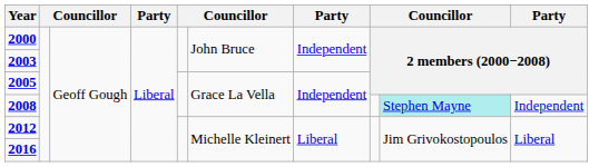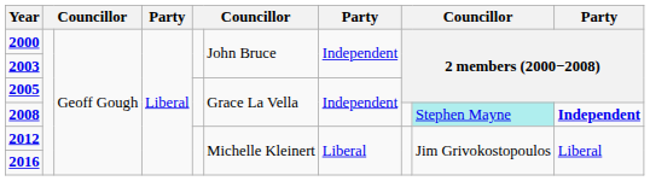 <table class="wikitable">
 <tr>
 <th>Year</th>
 <th colspan="2">Councillor</th>
 <th>Party</th>
 <th colspan="2">Councillor</th>
 <th>Party</th>
 <th colspan="2">Councillor</th>
 <th>Party</th>
 </tr>
 <tr>
 <td><strong><a href='#'>2000</a></strong></td>
 <td rowspan="10" width="1px" > </td>
 <td rowspan="10">Geoff Gough</td>
 <td rowspan="10"><a href='#'>Liberal</a></td>
 <td rowspan="2" width="1px" > </td>
 <td rowspan="2">John Bruce</td>
 <td rowspan="2"><a href='#'>Independent</a></td>
 <th colspan=3; rowspan=3>2 members (2000−2008)</th>
 </tr>
 <tr>
 <td><strong><a href='#'>2003</a></strong></td>
 </tr>
 <tr>
 <td><strong><a href='#'>2005</a></strong></td>
 <td rowspan="2" width="1px" > </td>
 <td rowspan="2">Grace La Vella</td>
 <td rowspan="2"><a href='#'>Independent</a></td>
 </tr>
 <tr>
 <td><strong><a href='#'>2008</a></strong></td>
 <td rowspan="1" width="1px" > </td>
 <td rowspan="1" style="background: paleturquoise;"><a href='#'>Stephen Mayne</a></td>
-<td rowspan="1"><a href='#'>Independent</a></td>
+<td rowspan="1"><strong><a href='#'>Independent</a></strong></td>
 </tr>
 <tr>
 <td><strong><a href='#'>2012</a></strong></td>
 <td rowspan="2" width="1px" > </td>
 <td rowspan="2">Michelle Kleinert</td>
 <td rowspan="2"><a href='#'>Liberal</a></td>
 <td rowspan="2" width="1px" > </td>
 <td rowspan="2">Jim Grivokostopoulos</td>
 <td rowspan="2"><a href='#'>Liberal</a></td>
 </tr>
 <tr>
 <td><strong><a href='#'>2016</a></strong></td>
 </tr>
 </table>
